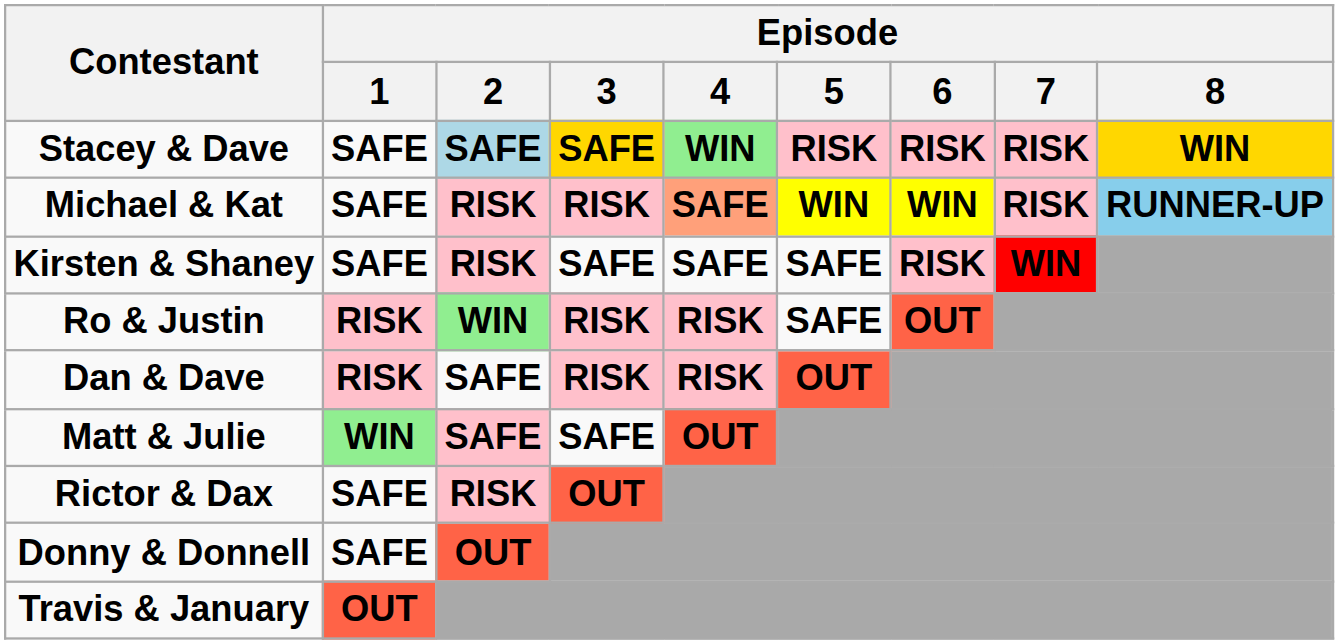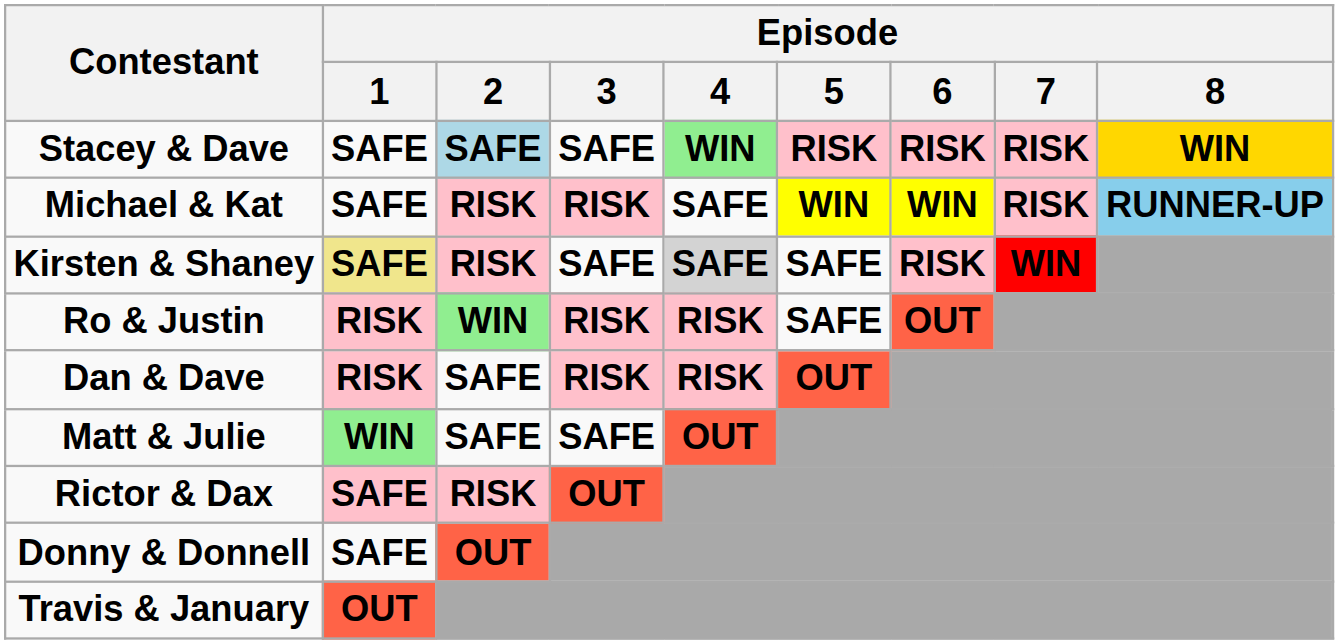 <table class="wikitable" style="text-align:center">
 <tr>
 <th rowspan=2>Contestant</th>
 <th colspan=11>Episode</th>
 </tr>
 <tr>
 <th>1</th>
 <th>2</th>
 <th>3</th>
 <th>4</th>
 <th>5</th>
 <th>6</th>
 <th>7</th>
 <th>8</th>
 </tr>
 <tr>
 <td><strong>Stacey & Dave</strong></td>
 <td><strong>SAFE</strong></td>
 <td style="background: lightblue;"><strong>SAFE</strong></td>
-<td style="background: gold;"><strong>SAFE</strong></td>
+<td><strong>SAFE</strong></td>
 <td style="background:lightgreen;"><strong>WIN</strong></td>
 <td style="background:pink;"><strong>RISK</strong></td>
 <td style="background:pink;"><strong>RISK</strong></td>
 <td style="background:pink;"><strong>RISK</strong></td>
 <td style="background:gold;"><strong>WIN</strong></td>
 </tr>
 <tr>
 <td><strong>Michael & Kat</strong></td>
 <td><strong>SAFE</strong></td>
 <td style="background:pink;"><strong>RISK</strong></td>
 <td style="background:pink;"><strong>RISK</strong></td>
-<td style="background: lightsalmon;"><strong>SAFE</strong></td>
+<td><strong>SAFE</strong></td>
 <td style="background:yellow;"><strong>WIN</strong></td>
 <td style="background:yellow;"><strong>WIN</strong></td>
 <td style="background:pink;"><strong>RISK</strong></td>
 <td style="background:skyblue;"><strong>RUNNER-UP</strong></td>
 </tr>
 <tr>
 <td><strong>Kirsten & Shaney</strong></td>
-<td><strong>SAFE</strong></td>
+<td style="background: khaki;"><strong>SAFE</strong></td>
 <td style="background:pink;"><strong>RISK</strong></td>
 <td><strong>SAFE</strong></td>
-<td><strong>SAFE</strong></td>
+<td style="background: lightgrey;"><strong>SAFE</strong></td>
 <td><strong>SAFE</strong></td>
 <td style="background:pink;"><strong>RISK</strong></td>
 <td style="background:red;"><strong>WIN</strong></td>
 <td style="background:darkgray;"></td>
 </tr>
 <tr>
 <td><strong>Ro & Justin</strong></td>
 <td style="background:pink;"><strong>RISK</strong></td>
 <td style="background:lightgreen;"><strong>WIN</strong></td>
 <td style="background:pink;"><strong>RISK</strong></td>
 <td style="background:pink;"><strong>RISK</strong></td>
 <td><strong>SAFE</strong></td>
 <td style="background:tomato;"><strong>OUT</strong></td>
 <td colspan="2" style="background:darkgray;"></td>
 </tr>
 <tr>
 <td><strong>Dan & Dave</strong></td>
 <td style="background:pink;"><strong>RISK</strong></td>
 <td><strong>SAFE</strong></td>
 <td style="background:pink;"><strong>RISK</strong></td>
 <td style="background:pink;"><strong>RISK</strong></td>
 <td style="background:tomato;"><strong>OUT</strong></td>
 <td colspan="3" style="background:darkgray;"></td>
 </tr>
 <tr>
 <td><strong>Matt & Julie</strong></td>
 <td style="background:lightgreen;"><strong>WIN</strong></td>
-<td style="background: pink;"><strong>SAFE</strong></td>
+<td><strong>SAFE</strong></td>
 <td><strong>SAFE</strong></td>
 <td style="background:tomato;"><strong>OUT</strong></td>
 <td colspan="4" style="background:darkgray;"></td>
 </tr>
 <tr>
 <td><strong>Rictor & Dax</strong></td>
-<td><strong>SAFE</strong></td>
+<td style="background: pink;"><strong>SAFE</strong></td>
 <td style="background:pink;"><strong>RISK</strong></td>
 <td style="background:tomato;"><strong>OUT</strong></td>
 <td colspan="5" style="background:darkgray;"></td>
 </tr>
 <tr>
 <td><strong>Donny & Donnell</strong></td>
 <td><strong>SAFE</strong></td>
 <td style="background:tomato;"><strong>OUT</strong></td>
 <td colspan="6" style="background:darkgray;"></td>
 </tr>
 <tr>
 <td><strong>Travis & January</strong></td>
 <td style="background:tomato;"><strong>OUT</strong></td>
 <td colspan="7" style="background:darkgray;"></td>
 </tr>
 </table>
